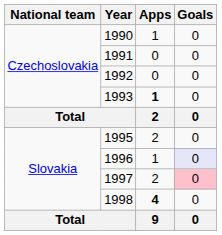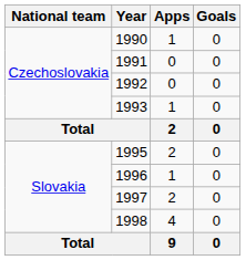 <table class="wikitable" style="text-align:center">
 <tr>
 <th>National team</th>
 <th>Year</th>
 <th>Apps</th>
 <th>Goals</th>
 </tr>
 <tr>
 <td rowspan="4"><a href='#'>Czechoslovakia</a></td>
 <td>1990</td>
 <td>1</td>
 <td>0</td>
 </tr>
 <tr>
 <td>1991</td>
 <td>0</td>
 <td>0</td>
 </tr>
 <tr>
 <td>1992</td>
 <td>0</td>
 <td>0</td>
 </tr>
 <tr>
 <td>1993</td>
-<td><strong>1</strong></td>
+<td>1</td>
 <td>0</td>
 </tr>
 <tr>
 <th colspan="2">Total</th>
 <th>2</th>
 <th>0</th>
 </tr>
 <tr>
 <td rowspan="4"><a href='#'>Slovakia</a></td>
 <td>1995</td>
 <td>2</td>
 <td>0</td>
 </tr>
 <tr>
 <td>1996</td>
 <td>1</td>
-<td style="background: lavender;">0</td>
+<td>0</td>
 </tr>
 <tr>
 <td>1997</td>
 <td>2</td>
-<td style="background: pink;">0</td>
+<td>0</td>
 </tr>
 <tr>
 <td>1998</td>
-<td><strong>4</strong></td>
+<td>4</td>
 <td>0</td>
 </tr>
 <tr>
 <th colspan="2">Total</th>
 <th>9</th>
 <th>0</th>
 </tr>
 </table>
